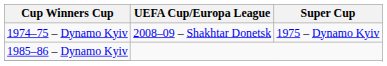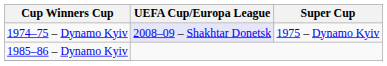 <table class="wikitable">
 <tr>
 <th>Cup Winners Cup</th>
 <th>UEFA Cup/Europa League</th>
 <th>Super Cup</th>
 </tr>
 <tr>
 <td><a href='#'>1974–75</a> – <a href='#'>Dynamo Kyiv</a></td>
-<td><a href='#'>2008–09</a> – <a href='#'>Shakhtar Donetsk</a></td>
+<td style="background: lavender;"><a href='#'>2008–09</a> – <a href='#'>Shakhtar Donetsk</a></td>
 <td><a href='#'>1975</a> – <a href='#'>Dynamo Kyiv</a></td>
 </tr>
 <tr>
 <td><a href='#'>1985–86</a> – <a href='#'>Dynamo Kyiv</a></td>
 </tr>
 <tr>
 </tr>
 </table>
